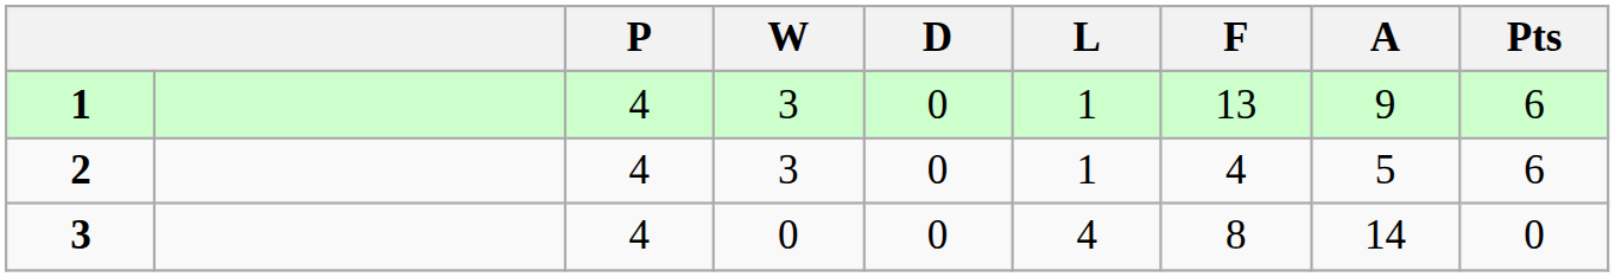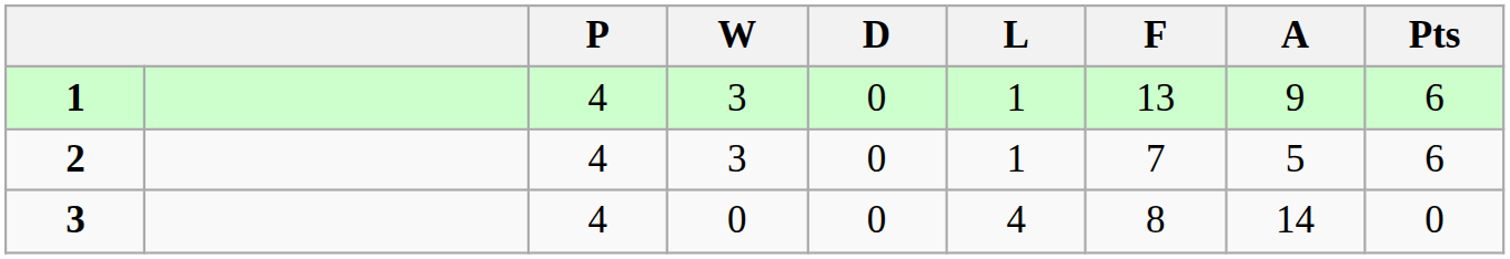 <table class="wikitable">
 <tr>
 <th colspan="2"></th>
 <th rowspan="1">P</th>
 <th rowspan="1">W</th>
 <th colspan="1">D</th>
 <th colspan="1">L</th>
 <th colspan="1">F</th>
 <th colspan="1">A</th>
 <th colspan="1">Pts</th>
 </tr>
 <tr style="background:#ccffcc;">
 <td style="text-align:center" width="50"><strong>1</strong></td>
 <td width="150"><strong></strong></td>
 <td style="text-align:center" width="50">4</td>
 <td style="text-align:center" width="50">3</td>
 <td style="text-align:center" width="50">0</td>
 <td style="text-align:center" width="50">1</td>
 <td style="text-align:center" width="50">13</td>
 <td style="text-align:center" width="50">9</td>
 <td style="text-align:center" width="50">6</td>
 </tr>
 <tr>
 <td style="text-align:center"><strong>2</strong></td>
 <td></td>
 <td style="text-align:center">4</td>
 <td style="text-align:center">3</td>
 <td style="text-align:center">0</td>
 <td style="text-align:center">1</td>
-<td style="text-align:center">4</td>
+<td style="text-align:center">7</td>
 <td style="text-align:center">5</td>
 <td style="text-align:center">6</td>
 </tr>
 <tr>
 <td style="text-align:center"><strong>3</strong></td>
 <td></td>
 <td style="text-align:center">4</td>
 <td style="text-align:center">0</td>
 <td style="text-align:center">0</td>
 <td style="text-align:center">4</td>
 <td style="text-align:center">8</td>
 <td style="text-align:center">14</td>
 <td style="text-align:center">0</td>
 </tr>
 </table>
